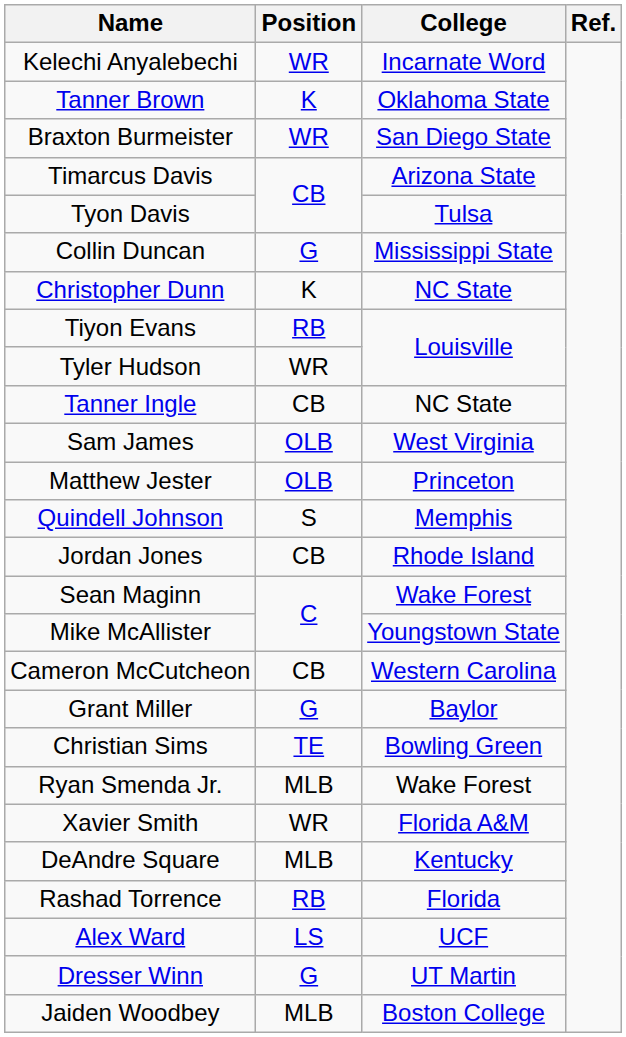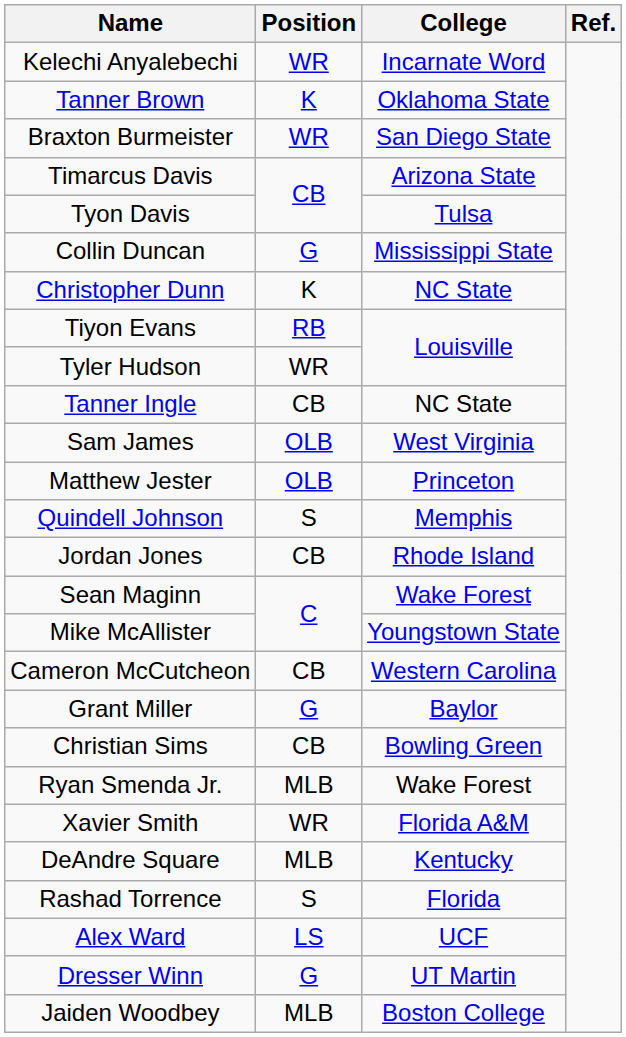 <table class="wikitable" style="text-align:center">
 <tr>
 <th>Name</th>
 <th>Position</th>
 <th>College</th>
 <th>Ref.</th>
 </tr>
 <tr>
 <td>Kelechi Anyalebechi</td>
 <td><a href='#'>WR</a></td>
 <td><a href='#'>Incarnate Word</a></td>
 <td rowspan="26"></td>
 </tr>
 <tr>
 <td><a href='#'>Tanner Brown</a></td>
 <td><a href='#'>K</a></td>
 <td><a href='#'>Oklahoma State</a></td>
 </tr>
 <tr>
 <td>Braxton Burmeister</td>
 <td><a href='#'>WR</a></td>
 <td><a href='#'>San Diego State</a></td>
 </tr>
 <tr>
 <td>Timarcus Davis</td>
 <td rowspan="2"><a href='#'>CB</a></td>
 <td><a href='#'>Arizona State</a></td>
 </tr>
 <tr>
 <td>Tyon Davis</td>
 <td><a href='#'>Tulsa</a></td>
 </tr>
 <tr>
 <td>Collin Duncan</td>
 <td><a href='#'>G</a></td>
 <td><a href='#'>Mississippi State</a></td>
 </tr>
 <tr>
 <td><a href='#'>Christopher Dunn</a></td>
 <td>K</td>
 <td><a href='#'>NC State</a></td>
 </tr>
 <tr>
 <td>Tiyon Evans</td>
 <td><a href='#'>RB</a></td>
 <td rowspan="2"><a href='#'>Louisville</a></td>
 </tr>
 <tr>
 <td>Tyler Hudson</td>
 <td>WR</td>
 </tr>
 <tr>
 <td><a href='#'>Tanner Ingle</a></td>
 <td>CB</td>
 <td>NC State</td>
 </tr>
 <tr>
 <td>Sam James</td>
 <td><a href='#'>OLB</a></td>
 <td><a href='#'>West Virginia</a></td>
 </tr>
 <tr>
 <td>Matthew Jester</td>
 <td><a href='#'>OLB</a></td>
 <td><a href='#'>Princeton</a></td>
 </tr>
 <tr>
 <td><a href='#'>Quindell Johnson</a></td>
 <td>S</td>
 <td><a href='#'>Memphis</a></td>
 </tr>
 <tr>
 <td>Jordan Jones</td>
 <td>CB</td>
 <td><a href='#'>Rhode Island</a></td>
 </tr>
 <tr>
 <td>Sean Maginn</td>
 <td rowspan="2"><a href='#'>C</a></td>
 <td><a href='#'>Wake Forest</a></td>
 </tr>
 <tr>
 <td>Mike McAllister</td>
 <td><a href='#'>Youngstown State</a></td>
 </tr>
 <tr>
 <td>Cameron McCutcheon</td>
 <td>CB</td>
 <td><a href='#'>Western Carolina</a></td>
 </tr>
 <tr>
 <td>Grant Miller</td>
 <td><a href='#'>G</a></td>
 <td><a href='#'>Baylor</a></td>
 </tr>
 <tr>
 <td>Christian Sims</td>
-<td><a href='#'>TE</a></td>
+<td>CB</td>
 <td><a href='#'>Bowling Green</a></td>
 </tr>
 <tr>
 <td>Ryan Smenda Jr.</td>
 <td>MLB</td>
 <td>Wake Forest</td>
 </tr>
 <tr>
 <td>Xavier Smith</td>
 <td>WR</td>
 <td><a href='#'>Florida A&M</a></td>
 </tr>
 <tr>
 <td>DeAndre Square</td>
 <td>MLB</td>
 <td><a href='#'>Kentucky</a></td>
 </tr>
 <tr>
 <td>Rashad Torrence</td>
-<td><a href='#'>RB</a></td>
+<td>S</td>
 <td><a href='#'>Florida</a></td>
 </tr>
 <tr>
 <td><a href='#'>Alex Ward</a></td>
 <td><a href='#'>LS</a></td>
 <td><a href='#'>UCF</a></td>
 </tr>
 <tr>
 <td><a href='#'>Dresser Winn</a></td>
 <td><a href='#'>G</a></td>
 <td><a href='#'>UT Martin</a></td>
 </tr>
 <tr>
 <td>Jaiden Woodbey</td>
 <td>MLB</td>
 <td><a href='#'>Boston College</a></td>
 </tr>
 </table>
